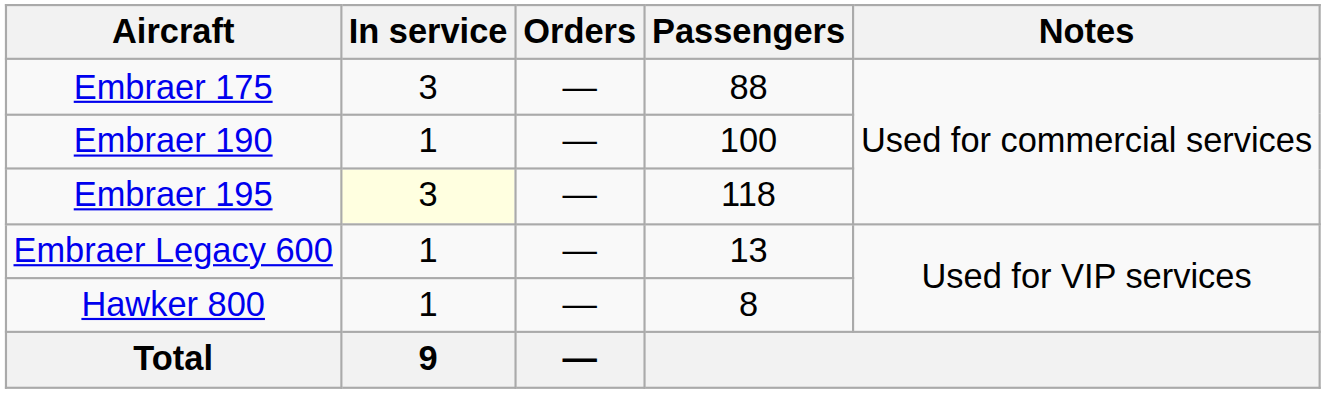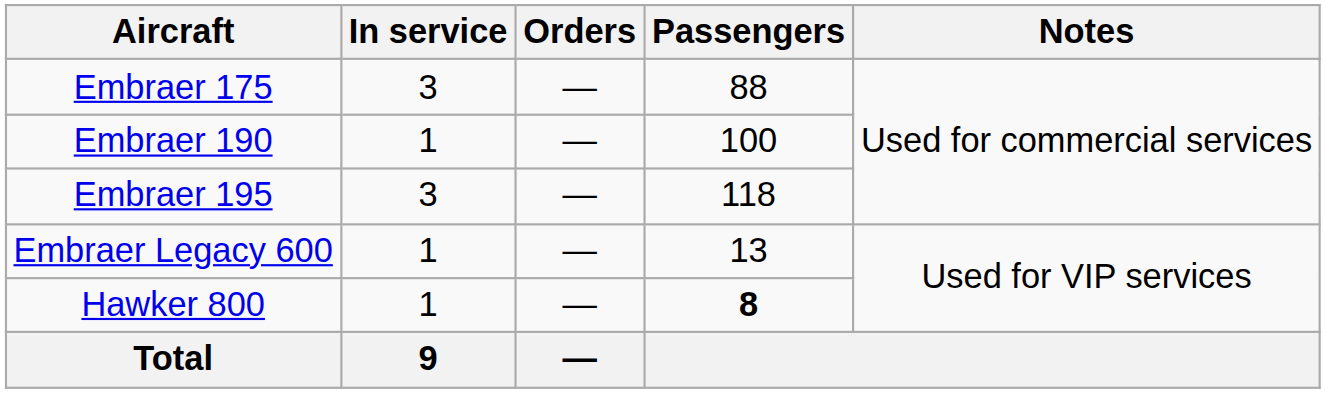 <table class="wikitable" style="text-align:center;margin:1em auto;">
 <tr>
 <th>Aircraft</th>
 <th>In service</th>
 <th>Orders</th>
 <th>Passengers</th>
 <th>Notes</th>
 </tr>
 <tr>
 <td><a href='#'>Embraer 175</a></td>
 <td>3</td>
 <td>—</td>
 <td>88</td>
 <td rowspan="3">Used for commercial services</td>
 </tr>
 <tr>
 <td><a href='#'>Embraer 190</a></td>
 <td>1</td>
 <td>—</td>
 <td>100</td>
 </tr>
 <tr>
 <td><a href='#'>Embraer 195</a></td>
-<td style="background: lightyellow;">3</td>
+<td>3</td>
 <td>—</td>
 <td>118</td>
 </tr>
 <tr>
 <td><a href='#'>Embraer Legacy 600</a></td>
 <td>1</td>
 <td>—</td>
 <td>13</td>
 <td rowspan="2">Used for VIP services</td>
 </tr>
 <tr>
 <td><a href='#'>Hawker 800</a></td>
 <td>1</td>
 <td>—</td>
-<td>8</td>
+<td><strong>8</strong></td>
 </tr>
 <tr>
 <th>Total</th>
 <th>9</th>
 <th>—</th>
 <th colspan="2"></th>
 </tr>
 </table>
